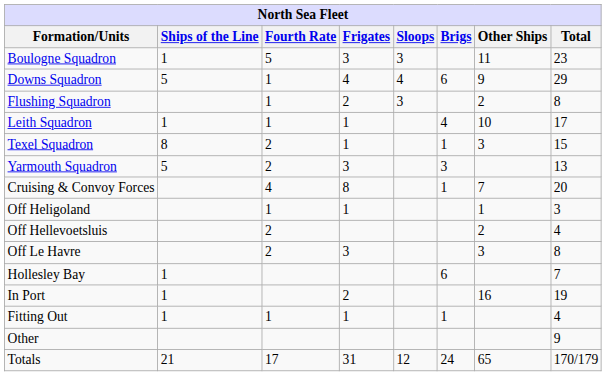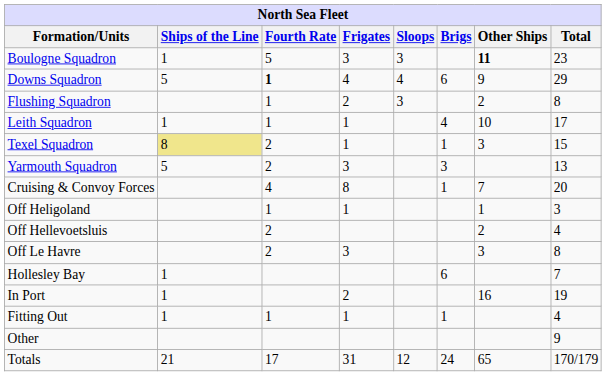 <table class="wikitable">
 <tr>
 <td colspan="9" align="center" style="background:#dcdcfe;"><strong>North Sea Fleet</strong></td>
 </tr>
 <tr>
 <th>Formation/Units</th>
 <th><a href='#'>Ships of the Line</a></th>
 <th><a href='#'>Fourth Rate</a></th>
 <th><a href='#'>Frigates</a></th>
 <th><a href='#'>Sloops</a></th>
 <th><a href='#'>Brigs</a></th>
 <th>Other Ships</th>
 <th>Total</th>
 </tr>
 <tr>
 <td><a href='#'>Boulogne Squadron</a></td>
 <td>1</td>
 <td>5</td>
 <td>3</td>
 <td>3</td>
 <td></td>
-<td>11</td>
+<td><strong>11</strong></td>
 <td>23</td>
 </tr>
 <tr>
 <td><a href='#'>Downs Squadron</a></td>
 <td>5</td>
-<td>1</td>
+<td><strong>1</strong></td>
 <td>4</td>
 <td>4</td>
 <td>6</td>
 <td>9</td>
 <td>29</td>
 </tr>
 <tr>
 <td><a href='#'>Flushing Squadron</a></td>
 <td></td>
 <td>1</td>
 <td>2</td>
 <td>3</td>
 <td></td>
 <td>2</td>
 <td>8</td>
 </tr>
 <tr>
 <td><a href='#'>Leith Squadron</a></td>
 <td>1</td>
 <td>1</td>
 <td>1</td>
 <td></td>
 <td>4</td>
 <td>10</td>
 <td>17</td>
 </tr>
 <tr>
 <td><a href='#'>Texel Squadron</a></td>
-<td>8</td>
+<td style="background: khaki;">8</td>
 <td>2</td>
 <td>1</td>
 <td></td>
 <td>1</td>
 <td>3</td>
 <td>15</td>
 </tr>
 <tr>
 <td><a href='#'>Yarmouth Squadron</a></td>
 <td>5</td>
 <td>2</td>
 <td>3</td>
 <td></td>
 <td>3</td>
 <td></td>
 <td>13</td>
 </tr>
 <tr>
 <td>Cruising & Convoy Forces</td>
 <td></td>
 <td>4</td>
 <td>8</td>
 <td></td>
 <td>1</td>
 <td>7</td>
 <td>20</td>
 </tr>
 <tr>
 <td>Off Heligoland</td>
 <td></td>
 <td>1</td>
 <td>1</td>
 <td></td>
 <td></td>
 <td>1</td>
 <td>3</td>
 </tr>
 <tr>
 <td>Off Hellevoetsluis</td>
 <td></td>
 <td>2</td>
 <td></td>
 <td></td>
 <td></td>
 <td>2</td>
 <td>4</td>
 </tr>
 <tr>
 <td>Off Le Havre</td>
 <td></td>
 <td>2</td>
 <td>3</td>
 <td></td>
 <td></td>
 <td>3</td>
 <td>8</td>
 </tr>
 <tr>
 <td>Hollesley Bay</td>
 <td>1</td>
 <td></td>
 <td></td>
 <td></td>
 <td>6</td>
 <td></td>
 <td>7</td>
 </tr>
 <tr>
 <td>In Port</td>
 <td>1</td>
 <td></td>
 <td>2</td>
 <td></td>
 <td></td>
 <td>16</td>
 <td>19</td>
 </tr>
 <tr>
 <td>Fitting Out</td>
 <td>1</td>
 <td>1</td>
 <td>1</td>
 <td></td>
 <td>1</td>
 <td></td>
 <td>4</td>
 </tr>
 <tr>
 <td>Other</td>
 <td></td>
 <td></td>
 <td></td>
 <td></td>
 <td></td>
 <td></td>
 <td>9</td>
 </tr>
 <tr>
 <td>Totals</td>
 <td>21</td>
 <td>17</td>
 <td>31</td>
 <td>12</td>
 <td>24</td>
 <td>65</td>
 <td>170/179</td>
 </tr>
 </table>
